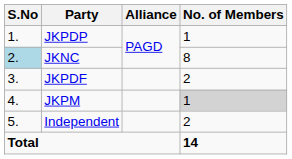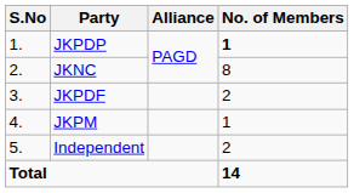 <table class="wikitable">
 <tr>
 <th>S.No</th>
 <th>Party</th>
 <th>Alliance</th>
 <th>No. of Members</th>
 </tr>
 <tr>
 <td>1.</td>
 <td><a href='#'>JKPDP</a></td>
 <td rowspan="2"><a href='#'>PAGD</a></td>
-<td>1</td>
+<td><strong>1</strong></td>
 </tr>
 <tr>
-<td style="background: lightblue;">2.</td>
+<td>2.</td>
 <td><a href='#'>JKNC</a></td>
 <td>8</td>
 </tr>
 <tr>
 <td>3.</td>
 <td><a href='#'>JKPDF</a></td>
 <td></td>
 <td>2</td>
 </tr>
 <tr>
 <td>4.</td>
 <td><a href='#'>JKPM</a></td>
 <td></td>
-<td style="background: lightgrey;">1</td>
+<td>1</td>
 </tr>
 <tr>
 <td>5.</td>
 <td><a href='#'>Independent</a></td>
 <td></td>
 <td>2</td>
 </tr>
 <tr>
 <td colspan="3"><strong>Total</strong></td>
 <td><strong>14</strong></td>
 </tr>
 </table>
